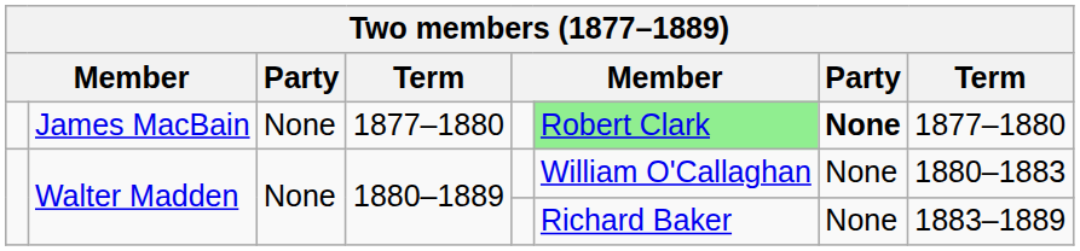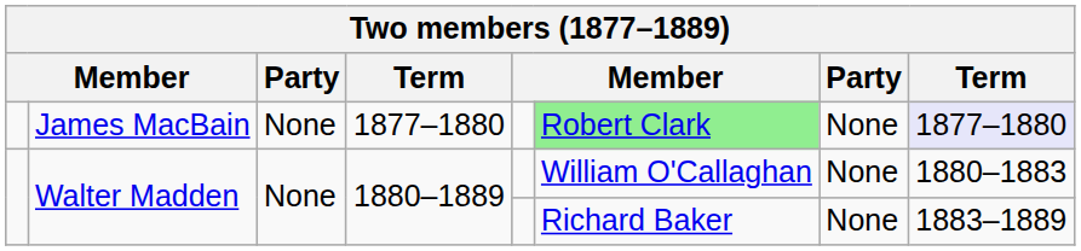 <table class="wikitable">
 <tr>
 <th colspan="8">Two members (1877–1889)</th>
 </tr>
 <tr>
 <th colspan="2">Member</th>
 <th>Party</th>
 <th>Term</th>
 <th colspan="2">Member</th>
 <th>Party</th>
 <th>Term</th>
 </tr>
 <tr>
 <td> </td>
 <td><a href='#'>James MacBain</a></td>
 <td>None</td>
 <td>1877–1880</td>
 <td> </td>
 <td style="background: lightgreen;"><a href='#'>Robert Clark</a></td>
-<td><strong>None</strong></td>
-<td>1877–1880</td>
+<td>None</td>
+<td style="background: lavender;">1877–1880</td>
 </tr>
 <tr>
 <td rowspan="2" > </td>
 <td rowspan="2"><a href='#'>Walter Madden</a></td>
 <td rowspan="2">None</td>
 <td rowspan="2">1880–1889</td>
 <td> </td>
 <td><a href='#'>William O'Callaghan</a></td>
 <td>None</td>
 <td>1880–1883</td>
 </tr>
 <tr>
 <td> </td>
 <td><a href='#'>Richard Baker</a></td>
 <td>None</td>
 <td>1883–1889</td>
 </tr>
 </table>
